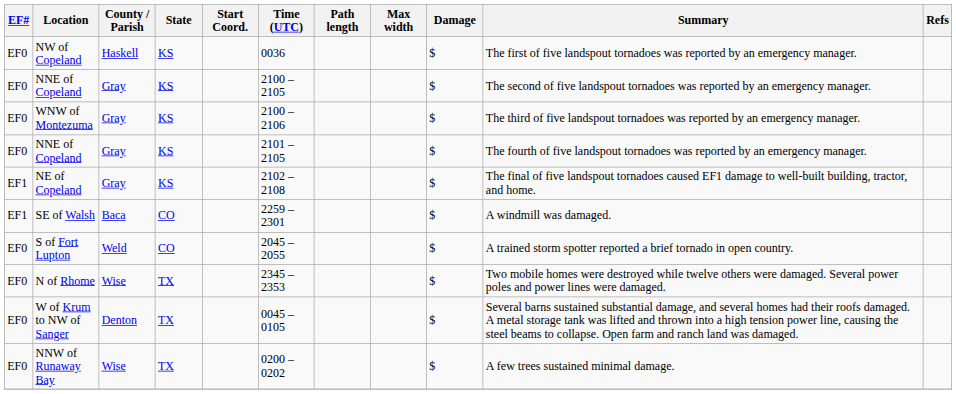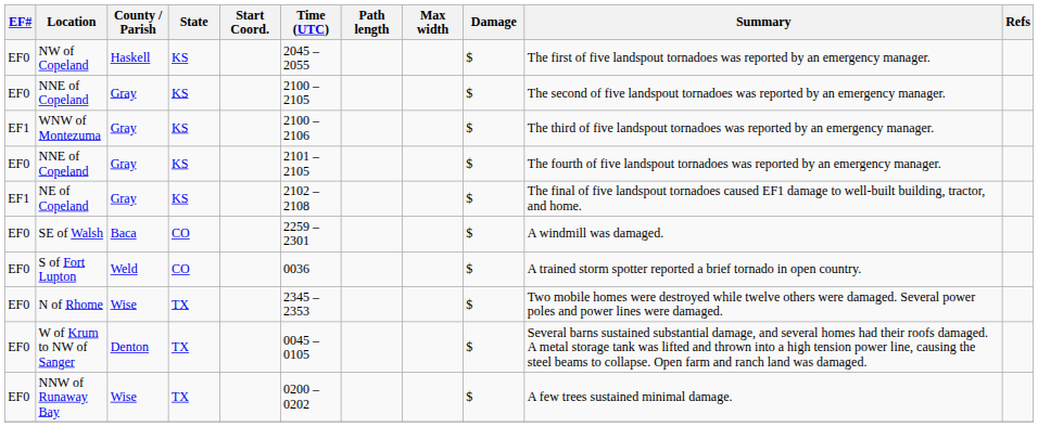 <table class="wikitable sortable" style="width:100%;">
 <tr>
 <th scope="col" width="3%" align="center"><a href='#'>EF#</a></th>
 <th scope="col" width="7%" align="center" class="unsortable">Location</th>
 <th scope="col" width="6%" align="center" class="unsortable">County / Parish</th>
 <th scope="col" width="5%" align="center">State</th>
 <th scope="col" width="6%" align="center">Start Coord.</th>
 <th scope="col" width="6%" align="center">Time (<a href='#'>UTC</a>)</th>
 <th scope="col" width="6%" align="center">Path length</th>
 <th scope="col" width="6%" align="center">Max width</th>
 <th scope="col" width="6%" align="center">Damage</th>
 <th scope="col" width="48%" class="unsortable" align="center">Summary</th>
 <th scope="col" width="48%" class="unsortable" align="center">Refs</th>
 </tr>
 <tr>
 <td>EF0</td>
 <td>NW of <a href='#'>Copeland</a></td>
 <td><a href='#'>Haskell</a></td>
 <td><a href='#'>KS</a></td>
 <td></td>
-<td>0036</td>
+<td>2045 – 2055</td>
 <td></td>
 <td></td>
 <td>$</td>
 <td>The first of five landspout tornadoes was reported by an emergency manager.</td>
 <td></td>
 </tr>
 <tr>
 <td>EF0</td>
 <td>NNE of <a href='#'>Copeland</a></td>
 <td><a href='#'>Gray</a></td>
 <td><a href='#'>KS</a></td>
 <td></td>
 <td>2100 – 2105</td>
 <td></td>
 <td></td>
 <td>$</td>
 <td>The second of five landspout tornadoes was reported by an emergency manager.</td>
 <td></td>
 </tr>
 <tr>
-<td>EF0</td>
+<td>EF1</td>
 <td>WNW of <a href='#'>Montezuma</a></td>
 <td><a href='#'>Gray</a></td>
 <td><a href='#'>KS</a></td>
 <td></td>
 <td>2100 – 2106</td>
 <td></td>
 <td></td>
 <td>$</td>
 <td>The third of five landspout tornadoes was reported by an emergency manager.</td>
 <td></td>
 </tr>
 <tr>
 <td>EF0</td>
 <td>NNE of <a href='#'>Copeland</a></td>
 <td><a href='#'>Gray</a></td>
 <td><a href='#'>KS</a></td>
 <td></td>
 <td>2101 – 2105</td>
 <td></td>
 <td></td>
 <td>$</td>
 <td>The fourth of five landspout tornadoes was reported by an emergency manager.</td>
 <td></td>
 </tr>
 <tr>
 <td>EF1</td>
 <td>NE of <a href='#'>Copeland</a></td>
 <td><a href='#'>Gray</a></td>
 <td><a href='#'>KS</a></td>
 <td></td>
 <td>2102 – 2108</td>
 <td></td>
 <td></td>
 <td>$</td>
 <td>The final of five landspout tornadoes caused EF1 damage to well-built building, tractor, and home.</td>
 <td></td>
 </tr>
 <tr>
-<td>EF1</td>
+<td>EF0</td>
 <td>SE of <a href='#'>Walsh</a></td>
 <td><a href='#'>Baca</a></td>
 <td><a href='#'>CO</a></td>
 <td></td>
 <td>2259 – 2301</td>
 <td></td>
 <td></td>
 <td>$</td>
 <td>A windmill was damaged.</td>
 <td></td>
 </tr>
 <tr>
 <td>EF0</td>
 <td>S of <a href='#'>Fort Lupton</a></td>
 <td><a href='#'>Weld</a></td>
 <td><a href='#'>CO</a></td>
 <td></td>
-<td>2045 – 2055</td>
+<td>0036</td>
 <td></td>
 <td></td>
 <td>$</td>
 <td>A trained storm spotter reported a brief tornado in open country.</td>
 <td></td>
 </tr>
 <tr>
 <td>EF0</td>
 <td>N of <a href='#'>Rhome</a></td>
 <td><a href='#'>Wise</a></td>
 <td><a href='#'>TX</a></td>
 <td></td>
 <td>2345 – 2353</td>
 <td></td>
 <td></td>
 <td>$</td>
 <td>Two mobile homes were destroyed while twelve others were damaged. Several power poles and power lines were damaged.</td>
 <td></td>
 </tr>
 <tr>
 <td>EF0</td>
 <td>W of <a href='#'>Krum</a> to NW of <a href='#'>Sanger</a></td>
 <td><a href='#'>Denton</a></td>
 <td><a href='#'>TX</a></td>
 <td></td>
 <td>0045 – 0105</td>
 <td></td>
 <td></td>
 <td>$</td>
 <td>Several barns sustained substantial damage, and several homes had their roofs damaged. A metal storage tank was lifted and thrown into a high tension power line, causing the steel beams to collapse. Open farm and ranch land was damaged.</td>
 <td></td>
 </tr>
 <tr>
 <td>EF0</td>
 <td>NNW of <a href='#'>Runaway Bay</a></td>
 <td><a href='#'>Wise</a></td>
 <td><a href='#'>TX</a></td>
 <td></td>
 <td>0200 – 0202</td>
 <td></td>
 <td></td>
 <td>$</td>
 <td>A few trees sustained minimal damage.</td>
 <td></td>
 </tr>
 <tr>
 </tr>
 </table>
